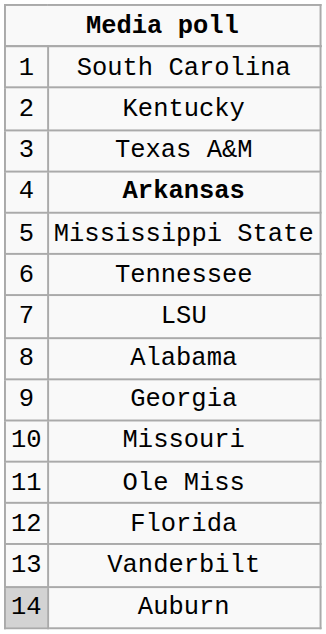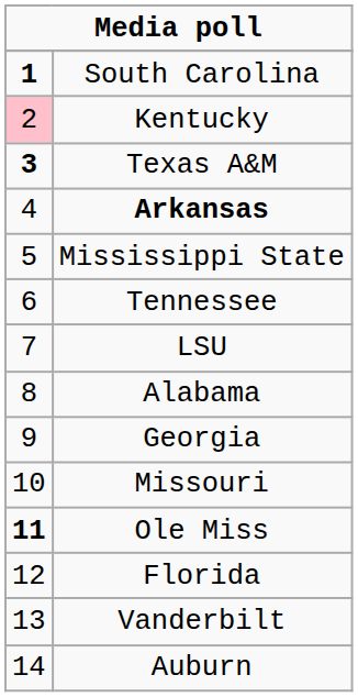 <table class="wikitable">
 <tr align="center">
 <td align="center" Colspan="3"><strong>Media poll</strong></td>
 </tr>
 <tr align="center">
 </tr>
 <tr align="center">
-<td>1</td>
+<td><strong>1</strong></td>
 <td>South Carolina</td>
 </tr>
 <tr align="center">
-<td>2</td>
+<td style="background: pink;">2</td>
 <td>Kentucky</td>
 </tr>
 <tr align="center">
-<td>3</td>
+<td><strong>3</strong></td>
 <td>Texas A&M</td>
 </tr>
 <tr align="center">
 <td>4</td>
 <td><strong>Arkansas</strong></td>
 </tr>
 <tr align="center">
 <td>5</td>
 <td>Mississippi State</td>
 </tr>
 <tr align="center">
 <td>6</td>
 <td>Tennessee</td>
 </tr>
 <tr align="center">
 <td>7</td>
 <td>LSU</td>
 </tr>
 <tr align="center">
 <td>8</td>
 <td>Alabama</td>
 </tr>
 <tr align="center">
 <td>9</td>
 <td>Georgia</td>
 </tr>
 <tr align="center">
 <td>10</td>
 <td>Missouri</td>
 </tr>
 <tr align="center">
-<td>11</td>
+<td><strong>11</strong></td>
 <td>Ole Miss</td>
 </tr>
 <tr align="center">
 <td>12</td>
 <td>Florida</td>
 </tr>
 <tr align="center">
 <td>13</td>
 <td>Vanderbilt</td>
 </tr>
 <tr align="center">
-<td style="background: lightgrey;">14</td>
+<td>14</td>
 <td>Auburn</td>
 </tr>
 </table>
